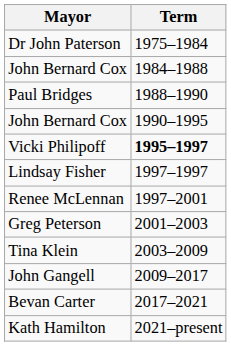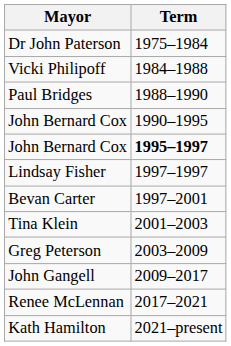 <table class="wikitable">
 <tr>
 <th>Mayor</th>
 <th>Term</th>
 </tr>
 <tr>
 <td>Dr John Paterson</td>
 <td>1975–1984</td>
 </tr>
 <tr>
-<td>John Bernard Cox</td>
+<td>Vicki Philipoff</td>
 <td>1984–1988</td>
 </tr>
 <tr>
 <td>Paul Bridges</td>
 <td>1988–1990</td>
 </tr>
 <tr>
 <td>John Bernard Cox</td>
 <td>1990–1995</td>
 </tr>
 <tr>
-<td>Vicki Philipoff</td>
+<td>John Bernard Cox</td>
 <td><strong>1995–1997</strong></td>
 </tr>
 <tr>
 <td>Lindsay Fisher</td>
 <td>1997–1997</td>
 </tr>
 <tr>
-<td>Renee McLennan</td>
+<td>Bevan Carter</td>
 <td>1997–2001</td>
 </tr>
 <tr>
-<td>Greg Peterson</td>
+<td>Tina Klein</td>
 <td>2001–2003</td>
 </tr>
 <tr>
-<td>Tina Klein</td>
+<td>Greg Peterson</td>
 <td>2003–2009</td>
 </tr>
 <tr>
 <td>John Gangell</td>
 <td>2009–2017</td>
 </tr>
 <tr>
-<td>Bevan Carter</td>
+<td>Renee McLennan</td>
 <td>2017–2021</td>
 </tr>
 <tr>
 <td>Kath Hamilton</td>
 <td>2021–present</td>
 </tr>
 </table>
